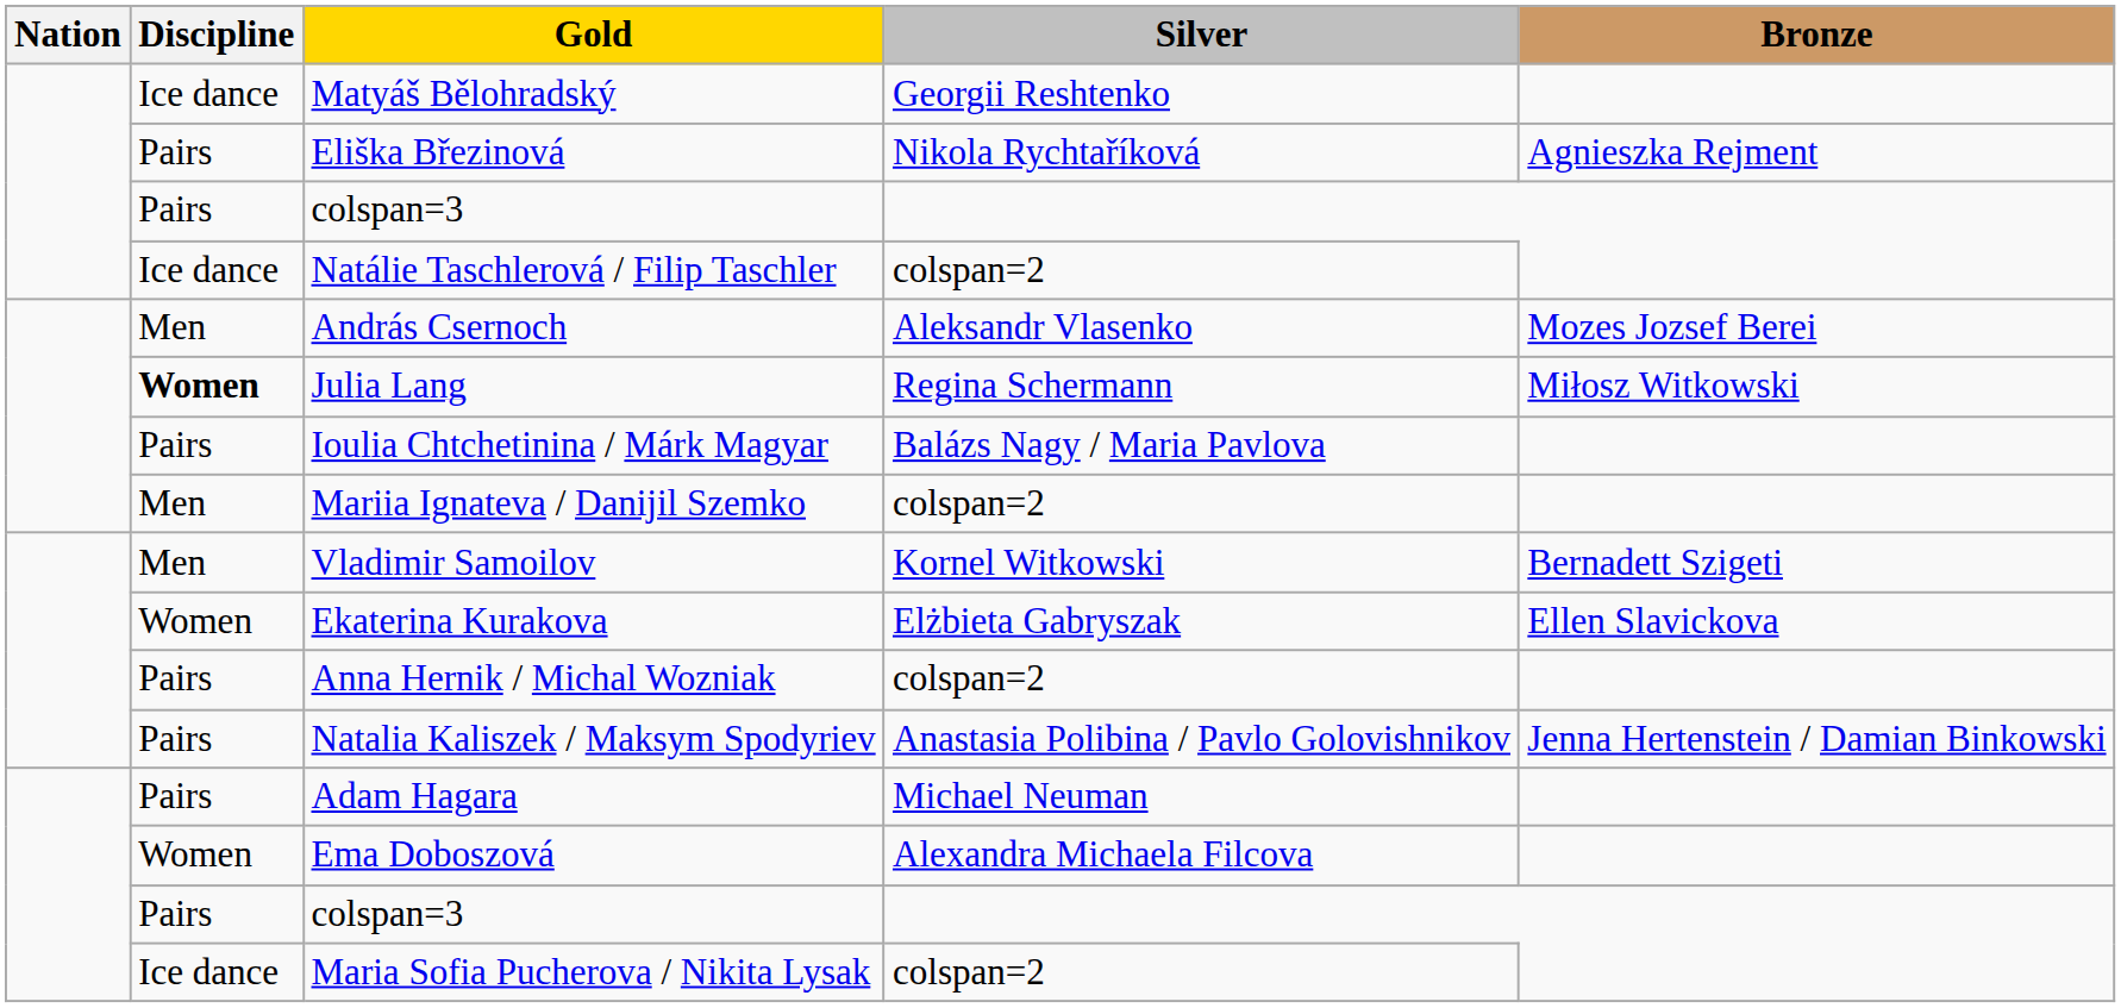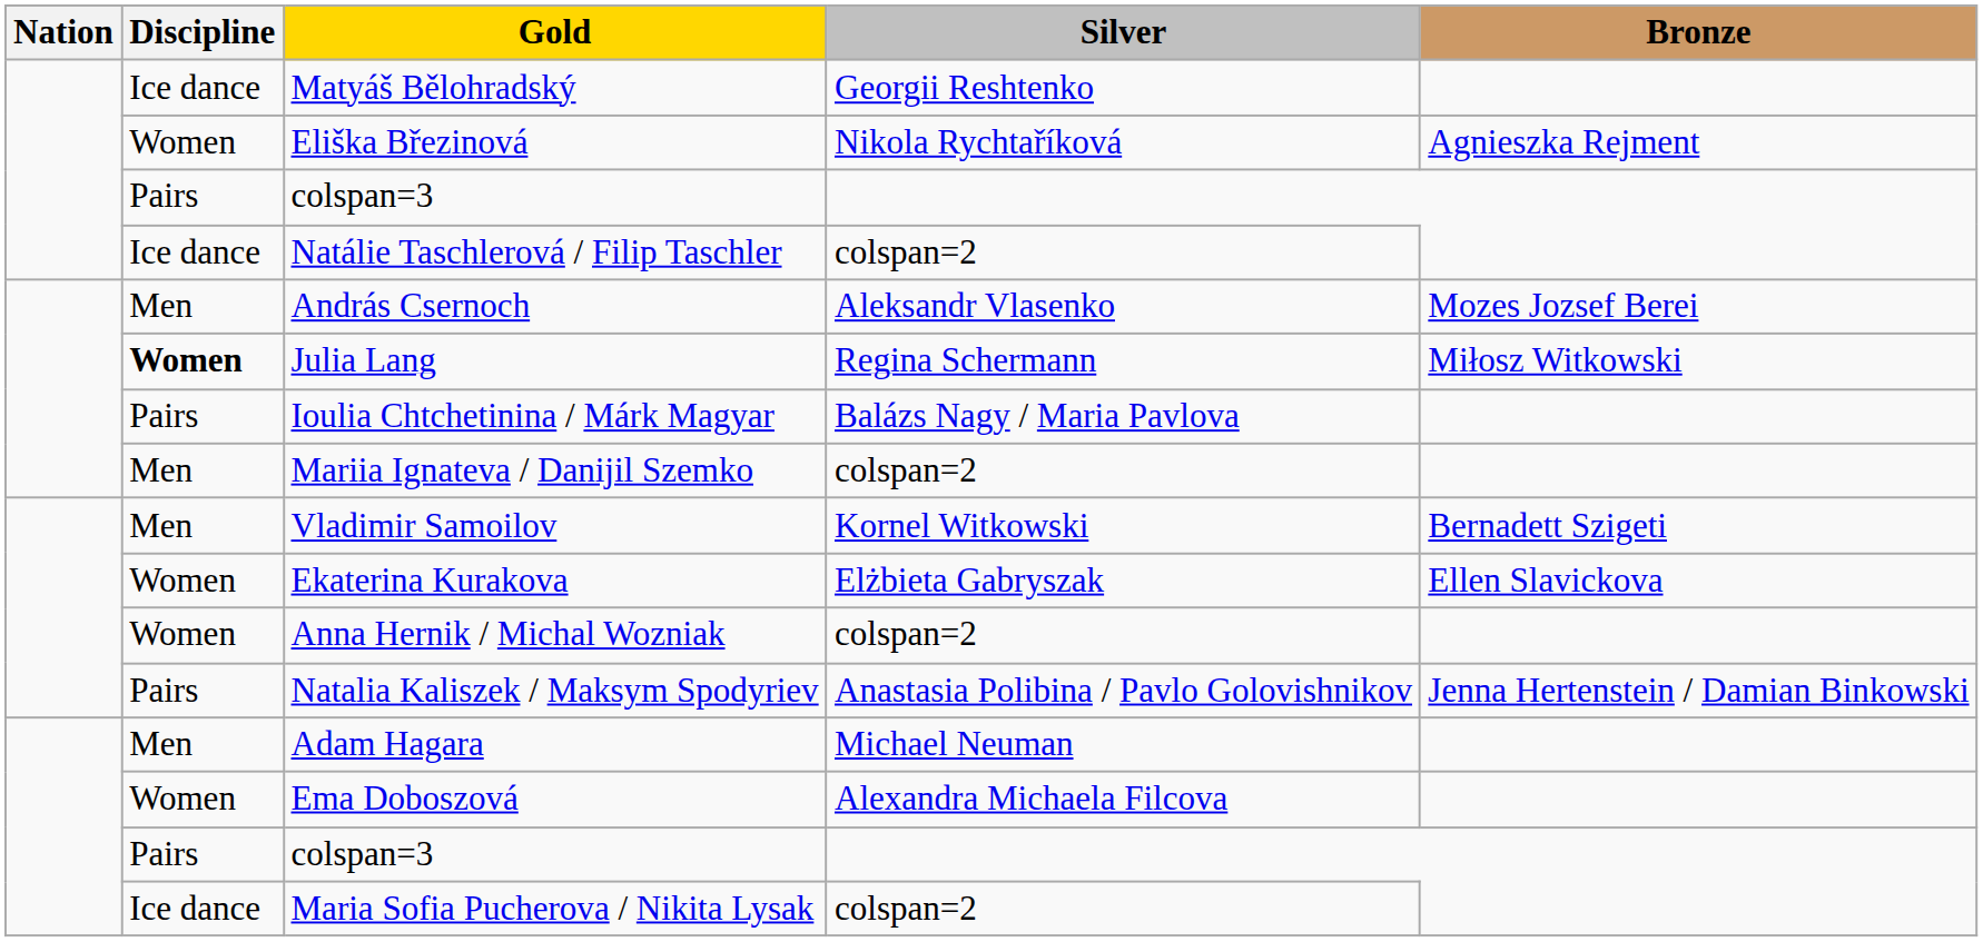 <table class="wikitable">
 <tr>
 <th>Nation</th>
 <th>Discipline</th>
 <td align=center bgcolor=gold><strong>Gold</strong></td>
 <td align=center bgcolor=silver><strong>Silver</strong></td>
 <td align=center bgcolor=cc9966><strong>Bronze</strong></td>
 </tr>
 <tr>
 <td rowspan=4><strong></strong></td>
 <td>Ice dance</td>
 <td><a href='#'>Matyáš Bělohradský</a></td>
 <td><a href='#'>Georgii Reshtenko</a></td>
 <td></td>
 </tr>
 <tr>
-<td>Pairs</td>
+<td>Women</td>
 <td><a href='#'>Eliška Březinová</a></td>
 <td><a href='#'>Nikola Rychtaříková</a></td>
 <td><a href='#'>Agnieszka Rejment</a></td>
 </tr>
 <tr>
 <td>Pairs</td>
 <td>colspan=3 </td>
 </tr>
 <tr>
 <td>Ice dance</td>
 <td><a href='#'>Natálie Taschlerová</a> / <a href='#'>Filip Taschler</a></td>
 <td>colspan=2 </td>
 </tr>
 <tr>
 <td rowspan=4><strong></strong></td>
 <td>Men</td>
 <td><a href='#'>András Csernoch</a></td>
 <td><a href='#'>Aleksandr Vlasenko</a></td>
 <td><a href='#'>Mozes Jozsef Berei</a></td>
 </tr>
 <tr>
 <td><strong>Women</strong></td>
 <td><a href='#'>Julia Lang</a></td>
 <td><a href='#'>Regina Schermann</a></td>
 <td><a href='#'>Miłosz Witkowski</a></td>
 </tr>
 <tr>
 <td>Pairs</td>
 <td><a href='#'>Ioulia Chtchetinina</a> / <a href='#'>Márk Magyar</a></td>
 <td><a href='#'> Balázs Nagy</a> / <a href='#'> Maria Pavlova</a></td>
 <td></td>
 </tr>
 <tr>
 <td>Men</td>
 <td><a href='#'>Mariia Ignateva</a> / <a href='#'>Danijil Szemko</a></td>
 <td>colspan=2 </td>
 </tr>
 <tr>
 <td rowspan=4><strong></strong></td>
 <td>Men</td>
 <td><a href='#'>Vladimir Samoilov</a></td>
 <td><a href='#'>Kornel Witkowski</a></td>
 <td><a href='#'>Bernadett Szigeti</a></td>
 </tr>
 <tr>
 <td>Women</td>
 <td><a href='#'>Ekaterina Kurakova</a></td>
 <td><a href='#'>Elżbieta Gabryszak</a></td>
 <td><a href='#'>Ellen Slavickova</a></td>
 </tr>
 <tr>
-<td>Pairs</td>
+<td>Women</td>
 <td><a href='#'>Anna Hernik</a> / <a href='#'>Michal Wozniak</a></td>
 <td>colspan=2 </td>
 </tr>
 <tr>
 <td>Pairs</td>
 <td><a href='#'>Natalia Kaliszek</a> / <a href='#'>Maksym Spodyriev</a></td>
 <td><a href='#'>Anastasia Polibina</a> / <a href='#'>Pavlo Golovishnikov</a></td>
 <td><a href='#'>Jenna Hertenstein</a> / <a href='#'>Damian Binkowski</a></td>
 </tr>
 <tr>
 <td rowspan=4><strong></strong></td>
-<td>Pairs</td>
+<td>Men</td>
 <td><a href='#'>Adam Hagara</a></td>
 <td><a href='#'>Michael Neuman</a></td>
 <td></td>
 </tr>
 <tr>
 <td>Women</td>
 <td><a href='#'>Ema Doboszová</a></td>
 <td><a href='#'>Alexandra Michaela Filcova</a></td>
 <td></td>
 </tr>
 <tr>
 <td>Pairs</td>
 <td>colspan=3 </td>
 </tr>
 <tr>
 <td>Ice dance</td>
 <td><a href='#'>Maria Sofia Pucherova</a> / <a href='#'>Nikita Lysak</a></td>
 <td>colspan=2 </td>
 </tr>
 </table>
